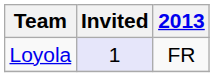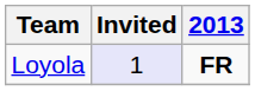 <table class="wikitable" style="text-align: center">
 <tr>
 <th>Team</th>
 <th>Invited</th>
 <th><a href='#'>2013</a></th>
 </tr>
 <tr>
 <td><a href='#'>Loyola</a></td>
 <td style="background: lavender;">1</td>
-<td>FR</td>
+<td><strong>FR</strong></td>
 </tr>
 <tr>
 </tr>
 </table>
